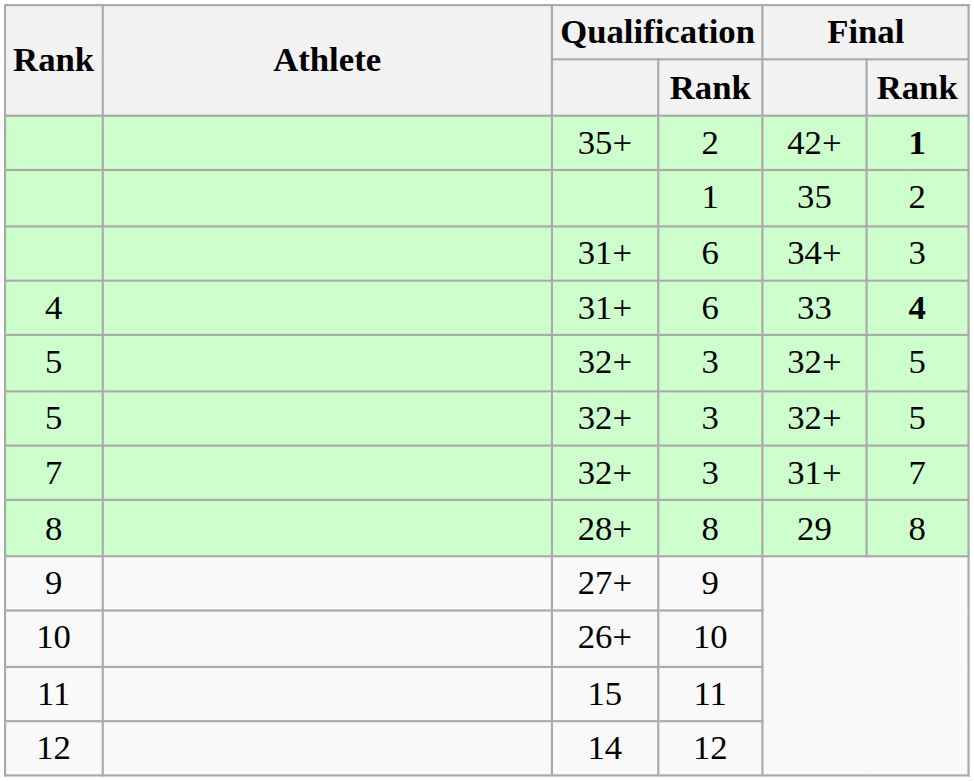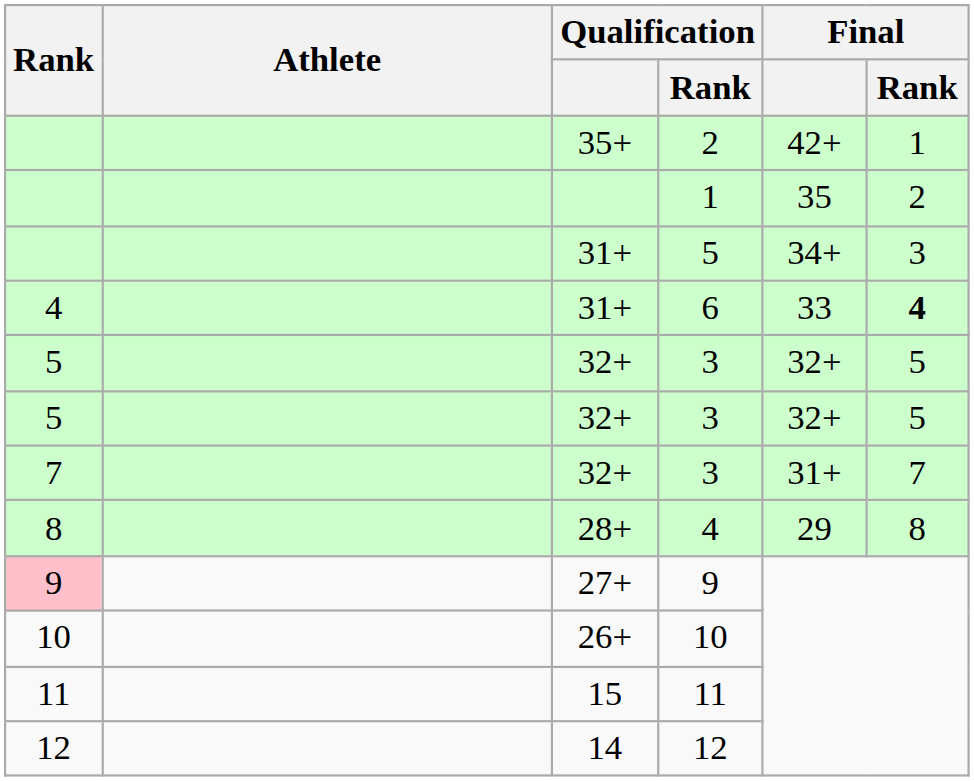 <table class="wikitable sortable" style="text-align:center">
 <tr>
 <th rowspan=2>Rank</th>
 <th rowspan=2 width=200>Athlete</th>
 <th colspan=2>Qualification</th>
 <th colspan=2>Final</th>
 </tr>
 <tr>
 <th width=40></th>
 <th width=40>Rank</th>
 <th width=40></th>
 <th width=40>Rank</th>
 </tr>
 <tr bgcolor=ccffcc>
 <td></td>
 <td align=left></td>
 <td>35+</td>
 <td>2</td>
 <td>42+</td>
-<td><strong>1</strong></td>
+<td>1</td>
 </tr>
 <tr bgcolor=ccffcc>
 <td></td>
 <td align=left></td>
 <td></td>
 <td>1</td>
 <td>35</td>
 <td>2</td>
 </tr>
 <tr bgcolor=ccffcc>
 <td></td>
 <td align=left></td>
 <td>31+</td>
-<td>6</td>
+<td>5</td>
 <td>34+</td>
 <td>3</td>
 </tr>
 <tr bgcolor=ccffcc>
 <td>4</td>
 <td align=left></td>
 <td>31+</td>
 <td>6</td>
 <td>33</td>
 <td><strong>4</strong></td>
 </tr>
 <tr bgcolor=ccffcc>
 <td>5</td>
 <td align=left></td>
 <td>32+</td>
 <td>3</td>
 <td>32+</td>
 <td>5</td>
 </tr>
 <tr bgcolor=ccffcc>
 <td>5</td>
 <td align=left></td>
 <td>32+</td>
 <td>3</td>
 <td>32+</td>
 <td>5</td>
 </tr>
 <tr bgcolor=ccffcc>
 <td>7</td>
 <td align=left></td>
 <td>32+</td>
 <td>3</td>
 <td>31+</td>
 <td>7</td>
 </tr>
 <tr bgcolor=ccffcc>
 <td>8</td>
 <td align=left></td>
 <td>28+</td>
-<td>8</td>
+<td>4</td>
 <td>29</td>
 <td>8</td>
 </tr>
 <tr>
-<td>9</td>
+<td style="background: pink;">9</td>
 <td align=left></td>
 <td>27+</td>
 <td>9</td>
 <td colspan=2 rowspan=4></td>
 </tr>
 <tr>
 <td>10</td>
 <td align=left></td>
 <td>26+</td>
 <td>10</td>
 </tr>
 <tr>
 <td>11</td>
 <td align=left></td>
 <td>15</td>
 <td>11</td>
 </tr>
 <tr>
 <td>12</td>
 <td align=left></td>
 <td>14</td>
 <td>12</td>
 </tr>
 </table>
